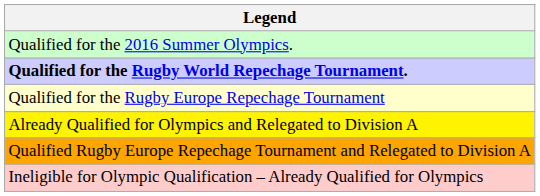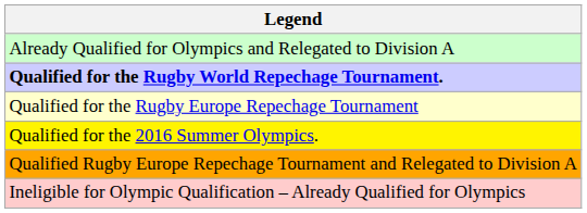 <table class="wikitable">
 <tr>
 <th>Legend</th>
 </tr>
 <tr bgcolor=ccffcc>
-<td>Qualified for the <a href='#'>2016 Summer Olympics</a>.</td>
+<td>Already Qualified for Olympics and Relegated to Division A</td>
 </tr>
 <tr bgcolor=ccccff>
 <td><strong>Qualified for the <a href='#'>Rugby World Repechage Tournament</a>.</strong></td>
 </tr>
 <tr bgcolor=ffffcc>
 <td>Qualified for the <a href='#'>Rugby Europe Repechage Tournament</a></td>
 </tr>
 <tr bgcolor=FFF400>
-<td>Already Qualified for Olympics and Relegated to Division A</td>
+<td>Qualified for the <a href='#'>2016 Summer Olympics</a>.</td>
 </tr>
 <tr bgcolor=FFA500>
 <td>Qualified Rugby Europe Repechage Tournament and Relegated to Division A</td>
 </tr>
 <tr bgcolor=ffcccc>
 <td>Ineligible for Olympic Qualification – Already Qualified for Olympics</td>
 </tr>
 </table>
